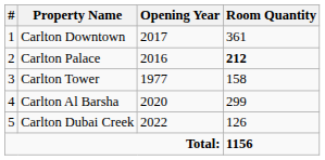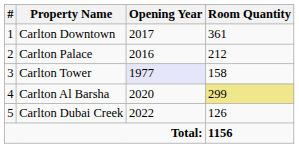 <table class="wikitable sortable">
 <tr>
 <th>#</th>
 <th>Property Name</th>
 <th>Opening Year</th>
 <th>Room Quantity</th>
 </tr>
 <tr>
 <td>1</td>
 <td>Carlton Downtown</td>
 <td>2017</td>
 <td>361</td>
 </tr>
 <tr>
 <td>2</td>
 <td>Carlton Palace</td>
 <td>2016</td>
-<td><strong>212</strong></td>
+<td>212</td>
 </tr>
 <tr>
 <td>3</td>
 <td>Carlton Tower</td>
-<td>1977</td>
+<td style="background: lavender;">1977</td>
 <td>158</td>
 </tr>
 <tr>
 <td>4</td>
 <td>Carlton Al Barsha</td>
 <td>2020</td>
-<td>299</td>
+<td style="background: khaki;">299</td>
 </tr>
 <tr>
 <td>5</td>
 <td>Carlton Dubai Creek</td>
 <td>2022</td>
 <td>126</td>
 </tr>
 <tr style="text-align:right;">
 <td colspan="3"><strong>Total:</strong></td>
 <td style="text-align:left;"><strong>1156</strong></td>
 </tr>
 </table>
